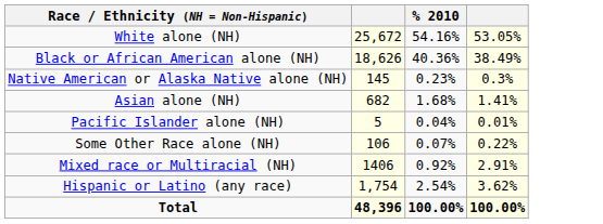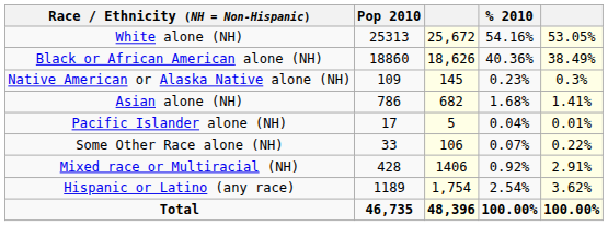 <table class="wikitable" style="text-align:center;">
 <tr>
 <th>Race / Ethnicity <small>(<em>NH = Non-Hispanic</em>)</small></th>
+<th>Pop 2010</th>
 <th></th>
 <th>% 2010</th>
 <th></th>
 </tr>
 <tr>
 <td><a href='#'>White</a> alone (NH)</td>
+<td>25313</td>
 <td style='background: #ffffe6;'>25,672</td>
 <td>54.16%</td>
 <td style='background: #ffffe6;'>53.05%</td>
 </tr>
 <tr>
 <td><a href='#'>Black or African American</a> alone (NH)</td>
+<td>18860</td>
 <td style='background: #ffffe6;'>18,626</td>
 <td>40.36%</td>
 <td style='background: #ffffe6;'>38.49%</td>
 </tr>
 <tr>
 <td><a href='#'>Native American</a> or <a href='#'>Alaska Native</a> alone (NH)</td>
+<td>109</td>
 <td style='background: #ffffe6;'>145</td>
 <td>0.23%</td>
 <td style='background: #ffffe6;'>0.3%</td>
 </tr>
 <tr>
 <td><a href='#'>Asian</a> alone (NH)</td>
+<td>786</td>
 <td style='background: #ffffe6;'>682</td>
 <td>1.68%</td>
 <td style='background: #ffffe6;'>1.41%</td>
 </tr>
 <tr>
 <td><a href='#'>Pacific Islander</a> alone (NH)</td>
+<td>17</td>
 <td style='background: #ffffe6;'>5</td>
 <td>0.04%</td>
 <td style='background: #ffffe6;'>0.01%</td>
 </tr>
 <tr>
 <td>Some Other Race alone (NH)</td>
+<td>33</td>
 <td style='background: #ffffe6;'>106</td>
 <td>0.07%</td>
 <td style='background: #ffffe6;'>0.22%</td>
 </tr>
 <tr>
 <td><a href='#'>Mixed race or Multiracial</a> (NH)</td>
+<td>428</td>
 <td style='background: #ffffe6;'>1406</td>
 <td>0.92%</td>
 <td style='background: #ffffe6;'>2.91%</td>
 </tr>
 <tr>
 <td><a href='#'>Hispanic or Latino</a> (any race)</td>
+<td>1189</td>
 <td style='background: #ffffe6;'>1,754</td>
 <td>2.54%</td>
 <td style='background: #ffffe6;'>3.62%</td>
 </tr>
 <tr>
 <td><strong>Total</strong></td>
+<td><strong>46,735</strong></td>
 <td style='background: #ffffe6;'><strong>48,396</strong></td>
 <td><strong>100.00%</strong></td>
 <td style='background: #ffffe6;'><strong>100.00%</strong></td>
 </tr>
 </table>
